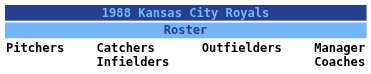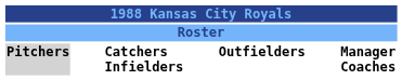 <table class="toccolours" style="font-size: 95%;">
 <tr>
 <th colspan="10" style="background-color: #27408B; color: #74B4FA; text-align: center;">1988 Kansas City Royals</th>
 </tr>
 <tr>
 <td colspan="10" style="background-color: #74B4FA; color: #27408B; text-align: center;"><strong>Roster</strong></td>
 </tr>
 <tr>
-<td valign="top"><strong>Pitchers</strong><br>                </td>
+<td valign="top" style="background: lightgrey;"><strong>Pitchers</strong><br>                </td>
 <td width="25px"></td>
 <td valign="top"><strong>Catchers</strong><br>      <strong>Infielders</strong>          </td>
 <td width="25px"></td>
 <td valign="top"><strong>Outfielders</strong><br>       </td>
 <td width="25px"></td>
 <td valign="top"><strong>Manager</strong><br> <strong>Coaches</strong>      </td>
 </tr>
 <tr>
 </tr>
 </table>
